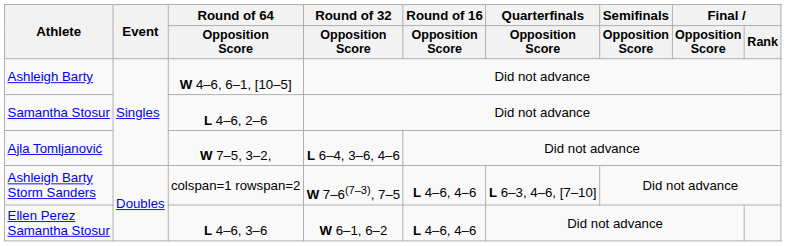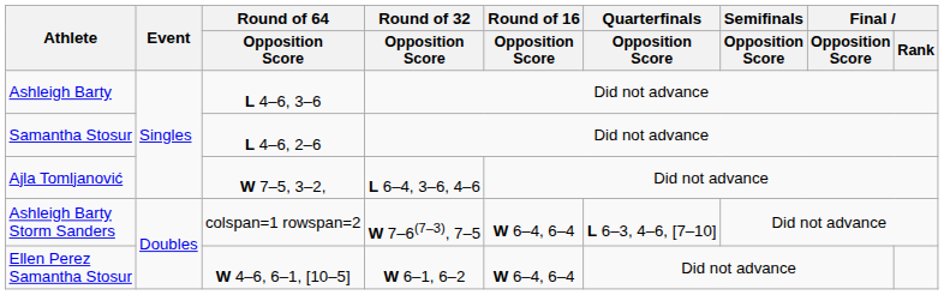 <table class=wikitable style=font-size:90%;text-align:center>
 <tr>
 <th rowspan=2>Athlete</th>
 <th rowspan=2>Event</th>
 <th>Round of 64</th>
 <th>Round of 32</th>
 <th>Round of 16</th>
 <th>Quarterfinals</th>
 <th>Semifinals</th>
 <th colspan=2>Final / </th>
 </tr>
 <tr style=font-size:95%>
 <th>Opposition<br>Score</th>
 <th>Opposition<br>Score</th>
 <th>Opposition<br>Score</th>
 <th>Opposition<br>Score</th>
 <th>Opposition<br>Score</th>
 <th>Opposition<br>Score</th>
 <th>Rank</th>
 </tr>
 <tr>
 <td align=left><a href='#'>Ashleigh Barty</a></td>
 <td align=left rowspan=3><a href='#'>Singles</a></td>
-<td><br><strong>W</strong> 4–6, 6–1, [10–5]</td>
+<td><br><strong>L</strong> 4–6, 3–6</td>
 <td colspan=6>Did not advance</td>
 </tr>
 <tr>
 <td align=left><a href='#'>Samantha Stosur</a></td>
 <td><br><strong>L</strong> 4–6, 2–6</td>
 <td colspan=6>Did not advance</td>
 </tr>
 <tr>
 <td align=left><a href='#'>Ajla Tomljanović</a></td>
 <td><br><strong>W</strong> 7–5, 3–2, </td>
 <td><br><strong>L</strong> 6–4, 3–6, 4–6</td>
 <td colspan=5>Did not advance</td>
 </tr>
 <tr>
 <td align=left><a href='#'>Ashleigh Barty</a><br><a href='#'>Storm Sanders</a></td>
 <td align=left rowspan=2><a href='#'>Doubles</a></td>
 <td>colspan=1 rowspan=2 </td>
 <td><br><strong>W</strong> 7–6<sup>(7–3)</sup>, 7–5</td>
-<td><br> <strong>L</strong> 4–6, 4–6</td>
+<td><br><strong>W</strong> 6–4, 6–4</td>
 <td><br><strong>L</strong> 6–3, 4–6, [7–10]</td>
 <td colspan=3>Did not advance</td>
 </tr>
 <tr>
 <td align=left><a href='#'>Ellen Perez</a><br><a href='#'>Samantha Stosur</a></td>
-<td><br><strong>L</strong> 4–6, 3–6</td>
+<td><br><strong>W</strong> 4–6, 6–1, [10–5]</td>
 <td><br><strong>W</strong> 6–1, 6–2</td>
-<td><br> <strong>L</strong> 4–6, 4–6</td>
+<td><br><strong>W</strong> 6–4, 6–4</td>
 <td colspan=3>Did not advance</td>
 </tr>
 </table>
